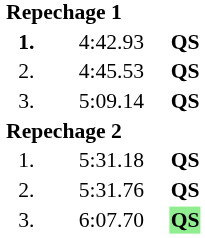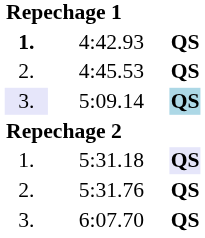 <table style="text-align:center">
 <tr>
 <td colspan=4 align=left><strong>Repechage 1</strong></td>
 </tr>
 <tr>
 <td width=30><strong>1.</strong></td>
 <td align=left></td>
 <td width=80>4:42.93</td>
 <td><strong>QS</strong></td>
 </tr>
 <tr>
 <td>2.</td>
 <td align=left></td>
 <td>4:45.53</td>
 <td><strong>QS</strong></td>
 </tr>
 <tr>
-<td>3.</td>
+<td style="background: lavender;">3.</td>
 <td align=left></td>
 <td>5:09.14</td>
-<td><strong>QS</strong></td>
+<td style="background: lightblue;"><strong>QS</strong></td>
 </tr>
 <tr>
 <td colspan=4 align=left><strong>Repechage 2</strong></td>
 </tr>
 <tr>
 <td>1.</td>
 <td align=left></td>
 <td>5:31.18</td>
-<td><strong>QS</strong></td>
+<td style="background: lavender;"><strong>QS</strong></td>
 </tr>
 <tr>
 <td>2.</td>
 <td align=left></td>
 <td>5:31.76</td>
 <td><strong>QS</strong></td>
 </tr>
 <tr>
 <td>3.</td>
 <td align=left></td>
 <td>6:07.70</td>
-<td style="background: lightgreen;"><strong>QS</strong></td>
+<td><strong>QS</strong></td>
 </tr>
 </table>
